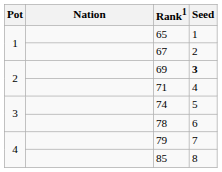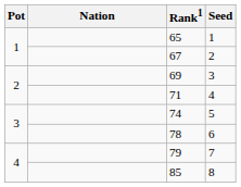 <table class="wikitable">
 <tr>
 <th>Pot</th>
 <th width="175">Nation</th>
 <th>Rank<sup>1</sup></th>
 <th>Seed</th>
 </tr>
 <tr>
 <td rowspan=2 style="text-align:center;">1</td>
 <td></td>
 <td>65</td>
 <td>1</td>
 </tr>
 <tr>
 <td></td>
 <td>67</td>
 <td>2</td>
 </tr>
 <tr>
 <td rowspan=2 style="text-align:center;">2</td>
 <td></td>
 <td>69</td>
-<td><strong>3</strong></td>
+<td>3</td>
 </tr>
 <tr>
 <td></td>
 <td>71</td>
 <td>4</td>
 </tr>
 <tr>
 <td rowspan=2 style="text-align:center;">3</td>
 <td></td>
 <td>74</td>
 <td>5</td>
 </tr>
 <tr>
 <td></td>
 <td>78</td>
 <td>6</td>
 </tr>
 <tr>
 <td rowspan=2 style="text-align:center;">4</td>
 <td></td>
 <td>79</td>
 <td>7</td>
 </tr>
 <tr>
 <td></td>
 <td>85</td>
 <td>8</td>
 </tr>
 </table>
